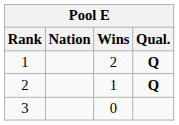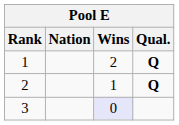 <table class="wikitable" style="text-align:center">
 <tr>
 <th colspan=4 align=center><strong>Pool E</strong></th>
 </tr>
 <tr>
 <th>Rank</th>
 <th>Nation</th>
 <th>Wins</th>
 <th>Qual.</th>
 </tr>
 <tr>
 <td>1</td>
 <td align=left></td>
 <td>2</td>
 <td><strong>Q</strong></td>
 </tr>
 <tr>
 <td>2</td>
 <td align=left></td>
 <td>1</td>
 <td><strong>Q</strong></td>
 </tr>
 <tr>
 <td>3</td>
 <td align=left></td>
-<td>0</td>
+<td style="background: lavender;">0</td>
 <td></td>
 </tr>
 </table>
